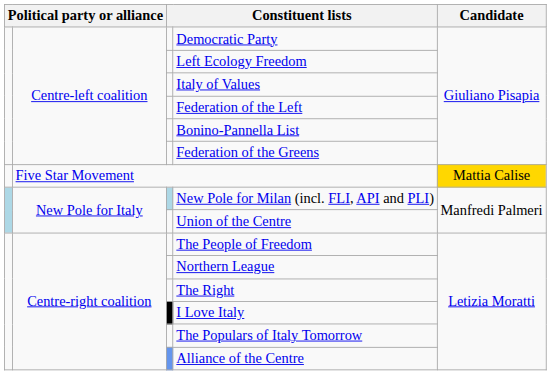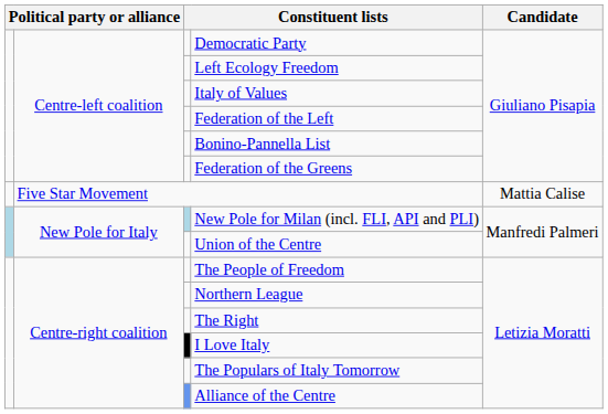 <table class=wikitable style="text-align:left">
 <tr>
 <th colspan=2>Political party or alliance</th>
 <th colspan=2>Constituent lists</th>
 <th>Candidate</th>
 </tr>
 <tr>
 <td rowspan=6 style="background-color:"></td>
 <td rowspan=6 style="text-align:center;"><a href='#'>Centre-left coalition</a></td>
 <td></td>
 <td style="text-align:left;"><a href='#'>Democratic Party</a></td>
 <td rowspan=6 style="text-align:center;"><a href='#'>Giuliano Pisapia</a></td>
 </tr>
 <tr>
 <td></td>
 <td style="text-align:left;"><a href='#'>Left Ecology Freedom</a></td>
 </tr>
 <tr>
 <td></td>
 <td style="text-align:left;"><a href='#'>Italy of Values</a></td>
 </tr>
 <tr>
 <td></td>
 <td style="text-align:left;"><a href='#'>Federation of the Left</a></td>
 </tr>
 <tr>
 <td></td>
 <td style="text-align:left;"><a href='#'>Bonino-Pannella List</a></td>
 </tr>
 <tr>
 <td></td>
 <td style="text-align:left;"><a href='#'>Federation of the Greens</a></td>
 </tr>
 <tr>
 <td style="background-color:"></td>
 <td colspan=3  style="text-align:left;"><a href='#'>Five Star Movement</a></td>
-<td style="background: gold; text-align:center;">Mattia Calise</td>
+<td style="text-align:center;">Mattia Calise</td>
 </tr>
 <tr>
 <td rowspan="2" style="background:lightblue;"></td>
 <td rowspan=2 style="text-align:center;"><a href='#'>New Pole for Italy</a></td>
 <td bgcolor="lightblue"></td>
 <td style="text-align:left;"><a href='#'>New Pole for Milan</a> (incl. <a href='#'>FLI</a>, <a href='#'>API</a> and <a href='#'>PLI</a>)</td>
 <td rowspan="2" style="text-align:center;">Manfredi Palmeri</td>
 </tr>
 <tr>
 <td></td>
 <td style="text-align:left;"><a href='#'>Union of the Centre</a></td>
 </tr>
 <tr>
 <td rowspan="6" style="background:"></td>
 <td rowspan=6 style="text-align:center;"><a href='#'>Centre-right coalition</a></td>
 <td></td>
 <td style="text-align:left;"><a href='#'>The People of Freedom</a></td>
 <td rowspan="6" style="text-align:center;"><a href='#'>Letizia Moratti</a></td>
 </tr>
 <tr>
 <td></td>
 <td style="text-align:left;"><a href='#'>Northern League</a></td>
 </tr>
 <tr>
 <td></td>
 <td style="text-align:left;"><a href='#'>The Right</a></td>
 </tr>
 <tr>
 <td bgcolor="black"></td>
 <td style="text-align:left;"><a href='#'>I Love Italy</a></td>
 </tr>
 <tr>
 <td></td>
 <td style="text-align:left;"><a href='#'>The Populars of Italy Tomorrow</a></td>
 </tr>
 <tr>
 <td bgcolor="cornflowerblue"></td>
 <td style="text-align:left;"><a href='#'>Alliance of the Centre</a></td>
 </tr>
 </table>
